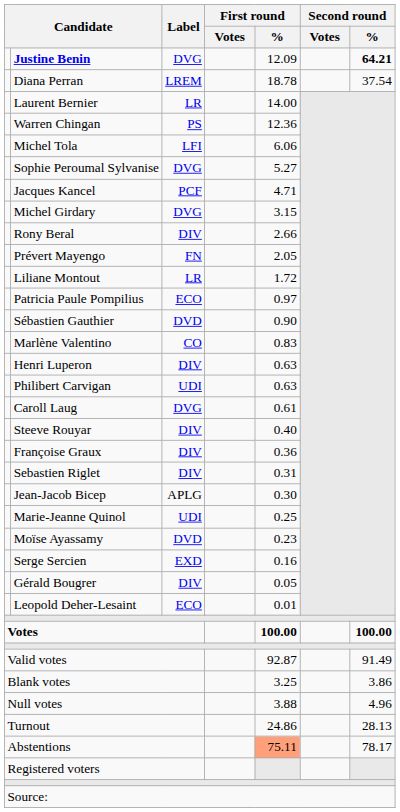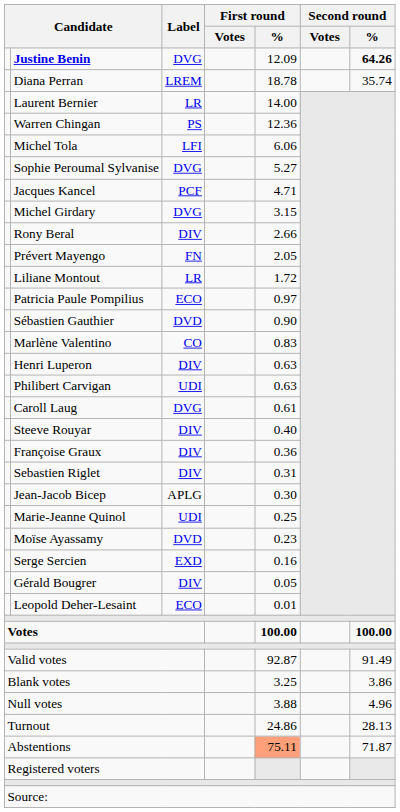 <table class="wikitable" style="text-align:right;font-size:95%;">
 <tr>
 <th rowspan="2" colspan="2">Candidate</th>
 <th rowspan="2">Label</th>
 <th colspan="2">First round</th>
 <th colspan="2">Second round</th>
 </tr>
 <tr>
 <th style="width:50px;">Votes</th>
 <th style="width:45px;">%</th>
 <th style="width:50px;">Votes</th>
 <th style="width:45px;">%</th>
 </tr>
 <tr>
 <td style="color:inherit;background:"></td>
 <td style="text-align:left;"><strong><a href='#'>Justine Benin</a></strong></td>
 <td><a href='#'>DVG</a></td>
 <td></td>
 <td>12.09</td>
 <td><strong></strong></td>
-<td><strong>64.21</strong></td>
+<td><strong>64.26</strong></td>
 </tr>
 <tr>
 <td style="color:inherit;background:"></td>
 <td style="text-align:left;">Diana Perran</td>
 <td><a href='#'>LREM</a></td>
 <td></td>
 <td>18.78</td>
 <td></td>
-<td>37.54</td>
+<td>35.74</td>
 </tr>
 <tr>
 <td style="color:inherit;background:"></td>
 <td style="text-align:left;">Laurent Bernier</td>
 <td><a href='#'>LR</a></td>
 <td></td>
 <td>14.00</td>
 <td colspan="2" rowspan="24" style="background:#E9E9E9;"></td>
 </tr>
 <tr>
 <td style="color:inherit;background:"></td>
 <td style="text-align:left;">Warren Chingan</td>
 <td><a href='#'>PS</a></td>
 <td></td>
 <td>12.36</td>
 </tr>
 <tr>
 <td style="color:inherit;background:"></td>
 <td style="text-align:left;">Michel Tola</td>
 <td><a href='#'>LFI</a></td>
 <td></td>
 <td>6.06</td>
 </tr>
 <tr>
 <td style="color:inherit;background:"></td>
 <td style="text-align:left;">Sophie Peroumal Sylvanise</td>
 <td><a href='#'>DVG</a></td>
 <td></td>
 <td>5.27</td>
 </tr>
 <tr>
 <td style="color:inherit;background:"></td>
 <td style="text-align:left;">Jacques Kancel</td>
 <td><a href='#'>PCF</a></td>
 <td></td>
 <td>4.71</td>
 </tr>
 <tr>
 <td style="color:inherit;background:"></td>
 <td style="text-align:left;">Michel Girdary</td>
 <td><a href='#'>DVG</a></td>
 <td></td>
 <td>3.15</td>
 </tr>
 <tr>
 <td style="color:inherit;background:"></td>
 <td style="text-align:left;">Rony Beral</td>
 <td><a href='#'>DIV</a></td>
 <td></td>
 <td>2.66</td>
 </tr>
 <tr>
 <td style="color:inherit;background:"></td>
 <td style="text-align:left;">Prévert Mayengo</td>
 <td><a href='#'>FN</a></td>
 <td></td>
 <td>2.05</td>
 </tr>
 <tr>
 <td style="color:inherit;background:"></td>
 <td style="text-align:left;">Liliane Montout</td>
 <td><a href='#'>LR</a></td>
 <td></td>
 <td>1.72</td>
 </tr>
 <tr>
 <td style="color:inherit;background:"></td>
 <td style="text-align:left;">Patricia Paule Pompilius</td>
 <td><a href='#'>ECO</a></td>
 <td></td>
 <td>0.97</td>
 </tr>
 <tr>
 <td style="color:inherit;background:"></td>
 <td style="text-align:left;">Sébastien Gauthier</td>
 <td><a href='#'>DVD</a></td>
 <td></td>
 <td>0.90</td>
 </tr>
 <tr>
 <td style="color:inherit;background:"></td>
 <td style="text-align:left;">Marlène Valentino</td>
 <td><a href='#'>CO</a></td>
 <td></td>
 <td>0.83</td>
 </tr>
 <tr>
 <td style="color:inherit;background:"></td>
 <td style="text-align:left;">Henri Luperon</td>
 <td><a href='#'>DIV</a></td>
 <td></td>
 <td>0.63</td>
 </tr>
 <tr>
 <td style="color:inherit;background:"></td>
 <td style="text-align:left;">Philibert Carvigan</td>
 <td><a href='#'>UDI</a></td>
 <td></td>
 <td>0.63</td>
 </tr>
 <tr>
 <td style="color:inherit;background:"></td>
 <td style="text-align:left;">Caroll Laug</td>
 <td><a href='#'>DVG</a></td>
 <td></td>
 <td>0.61</td>
 </tr>
 <tr>
 <td style="color:inherit;background:"></td>
 <td style="text-align:left;">Steeve Rouyar</td>
 <td><a href='#'>DIV</a></td>
 <td></td>
 <td>0.40</td>
 </tr>
 <tr>
 <td style="color:inherit;background:"></td>
 <td style="text-align:left;">Françoise Graux</td>
 <td><a href='#'>DIV</a></td>
 <td></td>
 <td>0.36</td>
 </tr>
 <tr>
 <td style="color:inherit;background:"></td>
 <td style="text-align:left;">Sebastien Riglet</td>
 <td><a href='#'>DIV</a></td>
 <td></td>
 <td>0.31</td>
 </tr>
 <tr>
 <td style="color:inherit;background:"></td>
 <td style="text-align:left;">Jean-Jacob Bicep</td>
 <td>APLG</td>
 <td></td>
 <td>0.30</td>
 </tr>
 <tr>
 <td style="color:inherit;background:"></td>
 <td style="text-align:left;">Marie-Jeanne Quinol</td>
 <td><a href='#'>UDI</a></td>
 <td></td>
 <td>0.25</td>
 </tr>
 <tr>
 <td style="color:inherit;background:"></td>
 <td style="text-align:left;">Moïse Ayassamy</td>
 <td><a href='#'>DVD</a></td>
 <td></td>
 <td>0.23</td>
 </tr>
 <tr>
 <td style="color:inherit;background:"></td>
 <td style="text-align:left;">Serge Sercien</td>
 <td><a href='#'>EXD</a></td>
 <td></td>
 <td>0.16</td>
 </tr>
 <tr>
 <td style="color:inherit;background:"></td>
 <td style="text-align:left;">Gérald Bougrer</td>
 <td><a href='#'>DIV</a></td>
 <td></td>
 <td>0.05</td>
 </tr>
 <tr>
 <td style="color:inherit;background:"></td>
 <td style="text-align:left;">Leopold Deher-Lesaint</td>
 <td><a href='#'>ECO</a></td>
 <td></td>
 <td>0.01</td>
 </tr>
 <tr>
 <td colspan="7" style="background:#E9E9E9;"></td>
 </tr>
 <tr style="font-weight:bold;">
 <td colspan="3" style="text-align:left;">Votes</td>
 <td></td>
 <td>100.00</td>
 <td></td>
 <td>100.00</td>
 </tr>
 <tr>
 <td colspan="7" style="background:#E9E9E9;"></td>
 </tr>
 <tr>
 <td colspan="3" style="text-align:left;">Valid votes</td>
 <td></td>
 <td>92.87</td>
 <td></td>
 <td>91.49</td>
 </tr>
 <tr>
 <td colspan="3" style="text-align:left;">Blank votes</td>
 <td></td>
 <td>3.25</td>
 <td></td>
 <td>3.86</td>
 </tr>
 <tr>
 <td colspan="3" style="text-align:left;">Null votes</td>
 <td></td>
 <td>3.88</td>
 <td></td>
 <td>4.96</td>
 </tr>
 <tr>
 <td colspan="3" style="text-align:left;">Turnout</td>
 <td></td>
 <td>24.86</td>
 <td></td>
 <td>28.13</td>
 </tr>
 <tr>
 <td colspan="3" style="text-align:left;">Abstentions</td>
 <td></td>
 <td style="background: lightsalmon;">75.11</td>
 <td></td>
-<td>78.17</td>
+<td>71.87</td>
 </tr>
 <tr>
 <td colspan="3" style="text-align:left;">Registered voters</td>
 <td></td>
 <td style="background:#E9E9E9;"></td>
 <td></td>
 <td style="background:#E9E9E9;"></td>
 </tr>
 <tr>
 <td colspan="7" style="background:#E9E9E9;"></td>
 </tr>
 <tr>
 <td colspan="7" style="text-align:left;">Source: </td>
 </tr>
 </table>
